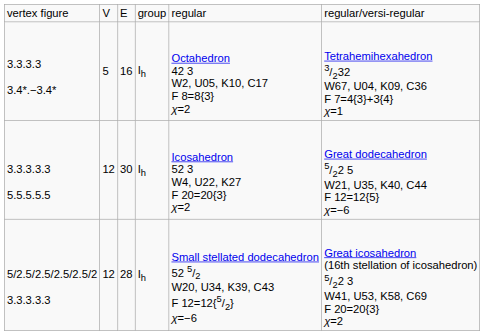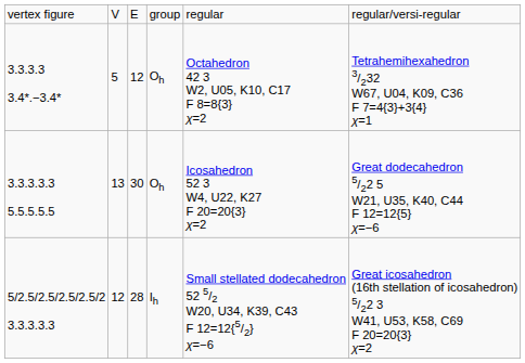 <table class="wikitable">
 <tr>
 <td>vertex figure</td>
 <td>V</td>
 <td>E</td>
 <td>group</td>
 <td>regular</td>
 <td>regular/versi-regular</td>
 </tr>
 <tr>
 <td><br>3.3.3.3<br><br>3.4*.−3.4*</td>
 <td>5</td>
-<td>16</td>
-<td>I<sub>h</sub></td>
+<td>12</td>
+<td>O<sub>h</sub></td>
 <td><br><br> <a href='#'>Octahedron</a><br> 42 3<br> W2, U05, K10, C17<br> F 8=8{3} <br><em>χ</em>=2</td>
 <td><br><br> <a href='#'>Tetrahemihexahedron</a><br> <sup>3</sup>/<sub>2</sub>32<br> W67, U04, K09, C36<br> F 7=4{3}+3{4} <br><em>χ</em>=1</td>
 </tr>
 <tr>
 <td><br><br>3.3.3.3.3<br> <br>5.5.5.5.5<br></td>
-<td>12</td>
+<td>13</td>
 <td>30</td>
-<td>I<sub>h</sub></td>
+<td>O<sub>h</sub></td>
 <td><br><br> <a href='#'>Icosahedron</a><br> 52 3<br> W4, U22, K27<br> F 20=20{3} <br><em>χ</em>=2</td>
 <td><br><br> <a href='#'>Great dodecahedron</a><br> <sup>5</sup>/<sub>2</sub>2 5<br> W21, U35, K40, C44<br> F 12=12{5} <br><em>χ</em>=−6</td>
 </tr>
 <tr>
 <td><br><br>5/2.5/2.5/2.5/2.5/2<br> <br>3.3.3.3.3</td>
 <td>12</td>
 <td>28</td>
 <td>I<sub>h</sub></td>
 <td><br><br> <a href='#'>Small stellated dodecahedron</a><br> 52 <sup>5</sup>/<sub>2</sub><br> W20, U34, K39, C43<br> F 12=12{<sup>5</sup>/<sub>2</sub>} <br><em>χ</em>=−6</td>
 <td><br><br> <a href='#'>Great icosahedron</a><br> (16th stellation of icosahedron)<br> <sup>5</sup>/<sub>2</sub>2 3<br> W41, U53, K58, C69<br> F 20=20{3} <br><em>χ</em>=2</td>
 </tr>
 </table>
